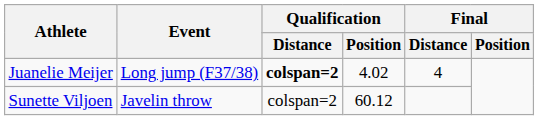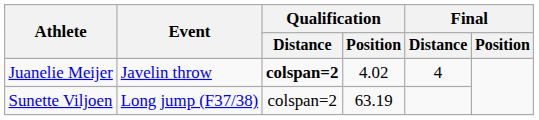 <table class=wikitable style=font-size:90%>
 <tr>
 <th rowspan=2>Athlete</th>
 <th rowspan=2>Event</th>
 <th colspan=2>Qualification</th>
 <th colspan=2>Final</th>
 </tr>
 <tr style=font-size:95%>
 <th>Distance</th>
 <th>Position</th>
 <th>Distance</th>
 <th>Position</th>
 </tr>
 <tr align=center>
 <td align=left><a href='#'>Juanelie Meijer</a></td>
-<td align=left><a href='#'>Long jump (F37/38)</a></td>
+<td style="text-align:left;"><a href='#'>Javelin throw</a></td>
 <td><strong>colspan=2 </strong></td>
 <td>4.02</td>
 <td>4</td>
 </tr>
 <tr align=center>
 <td align=left><a href='#'>Sunette Viljoen</a></td>
-<td style="text-align:left;"><a href='#'>Javelin throw</a></td>
+<td align=left><a href='#'>Long jump (F37/38)</a></td>
 <td>colspan=2 </td>
-<td>60.12</td>
+<td>63.19</td>
 <td></td>
 </tr>
 </table>
